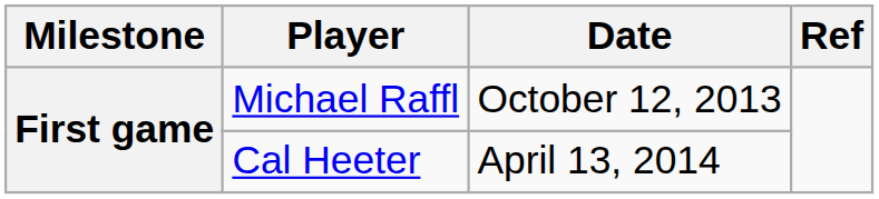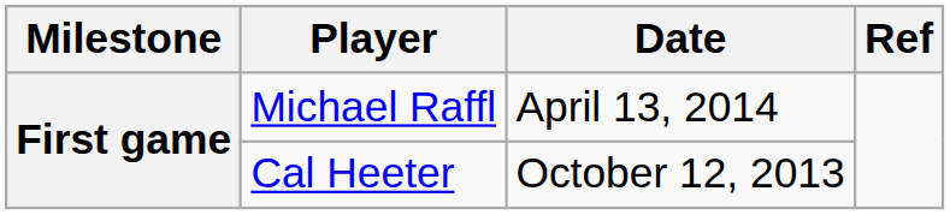 <table class="wikitable">
 <tr>
 <th scope="col">Milestone</th>
 <th scope="col">Player</th>
 <th scope="col">Date</th>
 <th scope="col">Ref</th>
 </tr>
 <tr>
 <th rowspan=2>First game</th>
 <td><a href='#'>Michael Raffl</a></td>
-<td>October 12, 2013</td>
+<td>April 13, 2014</td>
 <td rowspan=2></td>
 </tr>
 <tr>
 <td><a href='#'>Cal Heeter</a></td>
-<td>April 13, 2014</td>
+<td>October 12, 2013</td>
 </tr>
 </table>
